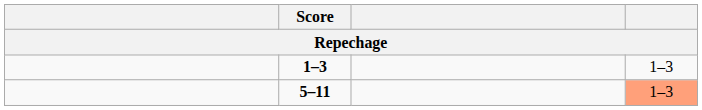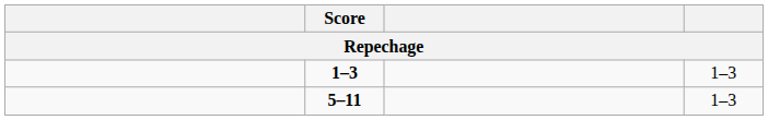 <table class="wikitable" style="text-align: left; ">
 <tr>
 <th align="right" width="270"></th>
 <th width="65">Score</th>
 <th align="left" width="270"></th>
 <th width="65"></th>
 </tr>
 <tr>
 <th colspan=4>Repechage</th>
 </tr>
 <tr>
 <td></td>
 <td align="center"><strong>1–3</strong></td>
 <td><strong></strong></td>
 <td align=center>1–3 <strong></strong></td>
 </tr>
 <tr>
 <td></td>
 <td align="center"><strong>5–11</strong></td>
 <td><strong></strong></td>
-<td align=center style="background: lightsalmon;">1–3 <strong></strong></td>
+<td align=center>1–3 <strong></strong></td>
 </tr>
 </table>
